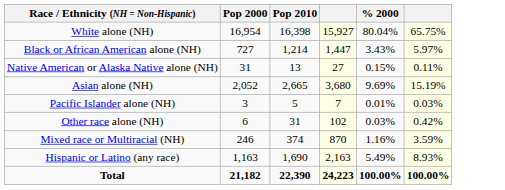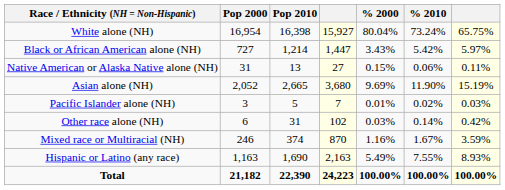 <table class="wikitable" style="text-align:center;">
 <tr>
 <th>Race / Ethnicity <small>(<em>NH = Non-Hispanic</em>)</small></th>
 <th>Pop 2000</th>
 <th>Pop 2010</th>
 <th></th>
 <th>% 2000</th>
+<th>% 2010</th>
 <th></th>
 </tr>
 <tr>
 <td><a href='#'>White</a> alone (NH)</td>
 <td>16,954</td>
 <td>16,398</td>
 <td style='background: #ffffe6;'>15,927</td>
 <td>80.04%</td>
+<td>73.24%</td>
 <td style='background: #ffffe6;'>65.75%</td>
 </tr>
 <tr>
 <td><a href='#'>Black or African American</a> alone (NH)</td>
 <td>727</td>
 <td>1,214</td>
 <td style='background: #ffffe6;'>1,447</td>
 <td>3.43%</td>
+<td>5.42%</td>
 <td style='background: #ffffe6;'>5.97%</td>
 </tr>
 <tr>
 <td><a href='#'>Native American</a> or <a href='#'>Alaska Native</a> alone (NH)</td>
 <td>31</td>
 <td>13</td>
 <td style='background: #ffffe6;'>27</td>
 <td>0.15%</td>
+<td>0.06%</td>
 <td style='background: #ffffe6;'>0.11%</td>
 </tr>
 <tr>
 <td><a href='#'>Asian</a> alone (NH)</td>
 <td>2,052</td>
 <td>2,665</td>
 <td style='background: #ffffe6;'>3,680</td>
 <td>9.69%</td>
+<td>11.90%</td>
 <td style='background: #ffffe6;'>15.19%</td>
 </tr>
 <tr>
 <td><a href='#'>Pacific Islander</a> alone (NH)</td>
 <td>3</td>
 <td>5</td>
 <td style='background: #ffffe6;'>7</td>
 <td>0.01%</td>
+<td>0.02%</td>
 <td style='background: #ffffe6;'>0.03%</td>
 </tr>
 <tr>
 <td><a href='#'>Other race</a> alone (NH)</td>
 <td>6</td>
 <td>31</td>
 <td style='background: #ffffe6;'>102</td>
 <td>0.03%</td>
+<td>0.14%</td>
 <td style='background: #ffffe6;'>0.42%</td>
 </tr>
 <tr>
 <td><a href='#'>Mixed race or Multiracial</a> (NH)</td>
 <td>246</td>
 <td>374</td>
 <td style='background: #ffffe6;'>870</td>
 <td>1.16%</td>
+<td>1.67%</td>
 <td style='background: #ffffe6;'>3.59%</td>
 </tr>
 <tr>
 <td><a href='#'>Hispanic or Latino</a> (any race)</td>
 <td>1,163</td>
 <td>1,690</td>
 <td style='background: #ffffe6;'>2,163</td>
 <td>5.49%</td>
+<td>7.55%</td>
 <td style='background: #ffffe6;'>8.93%</td>
 </tr>
 <tr>
 <td><strong>Total</strong></td>
 <td><strong>21,182</strong></td>
 <td><strong>22,390</strong></td>
 <td style='background: #ffffe6;'><strong>24,223</strong></td>
 <td><strong>100.00%</strong></td>
+<td><strong>100.00%</strong></td>
 <td style='background: #ffffe6;'><strong>100.00%</strong></td>
 </tr>
 </table>
